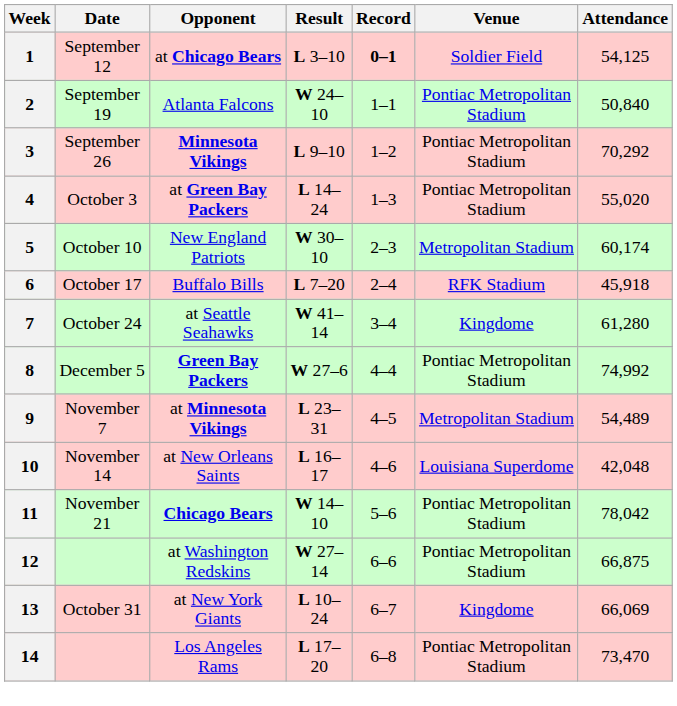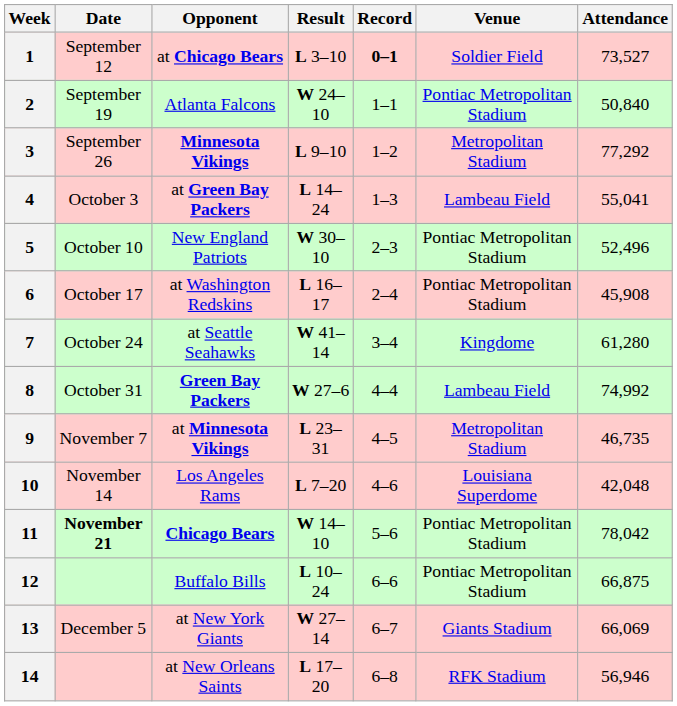 <table class="wikitable" style="text-align: center">
 <tr>
 <th>Week</th>
 <th>Date</th>
 <th>Opponent</th>
 <th>Result</th>
 <th>Record</th>
 <th>Venue</th>
 <th>Attendance</th>
 </tr>
 <tr style="background:#fcc">
 <th>1</th>
 <td>September 12</td>
 <td>at <strong><a href='#'>Chicago Bears</a></strong></td>
 <td><strong>L</strong> 3–10</td>
 <td><strong>0–1</strong></td>
 <td><a href='#'>Soldier Field</a></td>
-<td>54,125</td>
+<td>73,527</td>
 </tr>
 <tr style="background:#cfc">
 <th>2</th>
 <td>September 19</td>
 <td><a href='#'>Atlanta Falcons</a></td>
 <td><strong>W</strong> 24–10</td>
 <td>1–1</td>
 <td><a href='#'>Pontiac Metropolitan Stadium</a></td>
 <td>50,840</td>
 </tr>
 <tr style="background:#fcc">
 <th>3</th>
 <td>September 26</td>
 <td><strong><a href='#'>Minnesota Vikings</a></strong></td>
 <td><strong>L</strong> 9–10</td>
 <td>1–2</td>
-<td>Pontiac Metropolitan Stadium</td>
-<td>70,292</td>
+<td><a href='#'>Metropolitan Stadium</a></td>
+<td>77,292</td>
 </tr>
 <tr style="background:#fcc">
 <th>4</th>
 <td>October 3</td>
 <td>at <strong><a href='#'>Green Bay Packers</a></strong></td>
 <td><strong>L</strong> 14–24</td>
 <td>1–3</td>
-<td>Pontiac Metropolitan Stadium</td>
-<td>55,020</td>
+<td><a href='#'>Lambeau Field</a></td>
+<td>55,041</td>
 </tr>
 <tr style="background:#cfc">
 <th>5</th>
 <td>October 10</td>
 <td><a href='#'>New England Patriots</a></td>
 <td><strong>W</strong> 30–10</td>
 <td>2–3</td>
-<td><a href='#'>Metropolitan Stadium</a></td>
-<td>60,174</td>
+<td>Pontiac Metropolitan Stadium</td>
+<td>52,496</td>
 </tr>
 <tr style="background:#fcc">
 <th>6</th>
 <td>October 17</td>
-<td><a href='#'>Buffalo Bills</a></td>
-<td><strong>L</strong> 7–20</td>
+<td>at <a href='#'>Washington Redskins</a></td>
+<td><strong>L</strong> 16–17</td>
 <td>2–4</td>
-<td><a href='#'>RFK Stadium</a></td>
-<td>45,918</td>
+<td>Pontiac Metropolitan Stadium</td>
+<td>45,908</td>
 </tr>
 <tr style="background:#cfc">
 <th>7</th>
 <td>October 24</td>
 <td>at <a href='#'>Seattle Seahawks</a></td>
 <td><strong>W</strong> 41–14</td>
 <td>3–4</td>
 <td><a href='#'>Kingdome</a></td>
 <td>61,280</td>
 </tr>
 <tr style="background:#cfc">
 <th>8</th>
-<td>December 5</td>
+<td>October 31</td>
 <td><strong><a href='#'>Green Bay Packers</a></strong></td>
 <td><strong>W</strong> 27–6</td>
 <td>4–4</td>
-<td>Pontiac Metropolitan Stadium</td>
+<td><a href='#'>Lambeau Field</a></td>
 <td>74,992</td>
 </tr>
 <tr style="background:#fcc">
 <th>9</th>
 <td>November 7</td>
 <td>at <strong><a href='#'>Minnesota Vikings</a></strong></td>
 <td><strong>L</strong> 23–31</td>
 <td>4–5</td>
 <td><a href='#'>Metropolitan Stadium</a></td>
-<td>54,489</td>
+<td>46,735</td>
 </tr>
 <tr style="background:#fcc">
 <th>10</th>
 <td>November 14</td>
-<td>at <a href='#'>New Orleans Saints</a></td>
-<td><strong>L</strong> 16–17</td>
+<td><a href='#'>Los Angeles Rams</a></td>
+<td><strong>L</strong> 7–20</td>
 <td>4–6</td>
 <td><a href='#'>Louisiana Superdome</a></td>
 <td>42,048</td>
 </tr>
 <tr style="background:#cfc">
 <th>11</th>
-<td>November 21</td>
+<td><strong>November 21</strong></td>
 <td><strong><a href='#'>Chicago Bears</a></strong></td>
 <td><strong>W</strong> 14–10</td>
 <td>5–6</td>
 <td>Pontiac Metropolitan Stadium</td>
 <td>78,042</td>
 </tr>
 <tr style="background:#cfc">
 <th>12</th>
 <td></td>
-<td>at <a href='#'>Washington Redskins</a></td>
-<td><strong>W</strong> 27–14</td>
+<td><a href='#'>Buffalo Bills</a></td>
+<td><strong>L</strong> 10–24</td>
 <td>6–6</td>
 <td>Pontiac Metropolitan Stadium</td>
 <td>66,875</td>
 </tr>
 <tr style="background:#fcc">
 <th>13</th>
-<td>October 31</td>
+<td>December 5</td>
 <td>at <a href='#'>New York Giants</a></td>
-<td><strong>L</strong> 10–24</td>
+<td><strong>W</strong> 27–14</td>
 <td>6–7</td>
-<td><a href='#'>Kingdome</a></td>
+<td><a href='#'>Giants Stadium</a></td>
 <td>66,069</td>
 </tr>
 <tr style="background:#fcc">
 <th>14</th>
 <td></td>
-<td><a href='#'>Los Angeles Rams</a></td>
+<td>at <a href='#'>New Orleans Saints</a></td>
 <td><strong>L</strong> 17–20</td>
 <td>6–8</td>
-<td>Pontiac Metropolitan Stadium</td>
-<td>73,470</td>
+<td><a href='#'>RFK Stadium</a></td>
+<td>56,946</td>
 </tr>
 </table>
